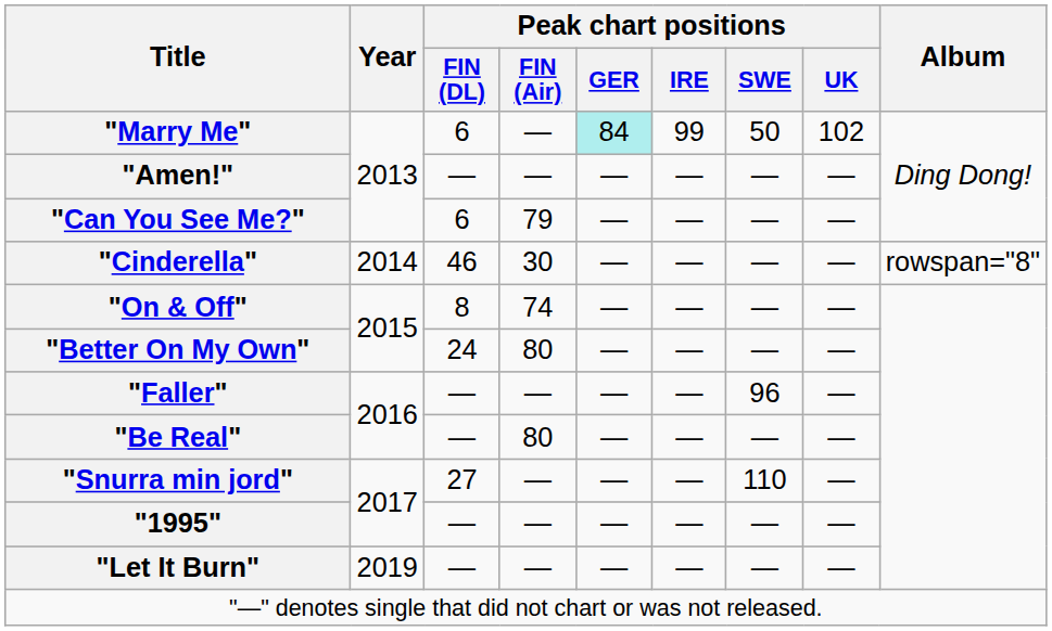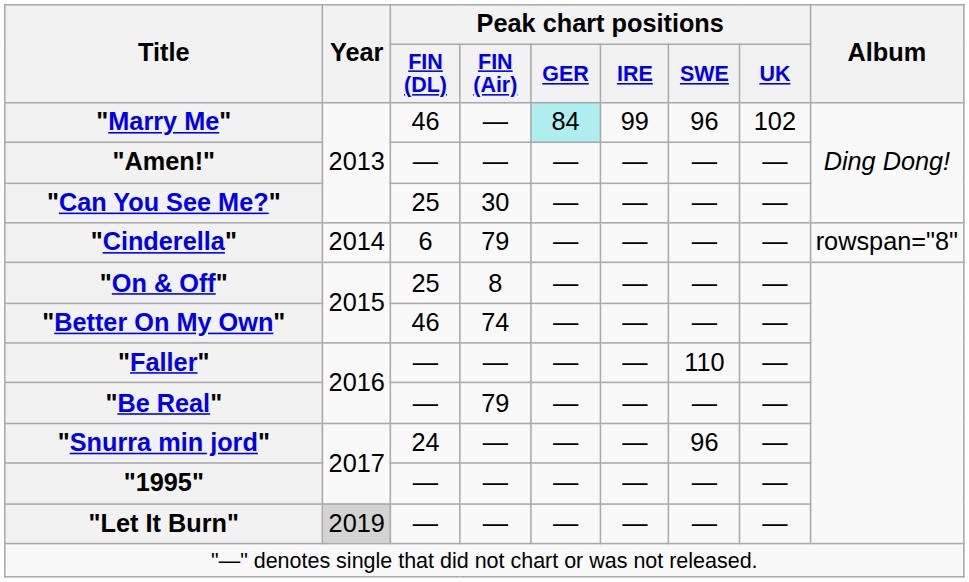 <table class="wikitable plainrowheaders" style="text-align:center;">
 <tr>
 <th scope="col" rowspan="2" style="width:14em;">Title</th>
 <th scope="col" rowspan="2" style="width:1em;">Year</th>
 <th scope="col" colspan="6">Peak chart positions</th>
 <th scope="col" rowspan="2">Album</th>
 </tr>
 <tr>
 <th scope="col" style="width:3em;font-size:85%;"><a href='#'>FIN (DL)</a><br></th>
 <th scope="col" style="width:3em;font-size:85%;"><a href='#'>FIN (Air)</a><br></th>
 <th scope="col" style="width:3em;font-size:85%;"><a href='#'>GER</a><br></th>
 <th scope="col" style="width:3em;font-size:85%;"><a href='#'>IRE</a><br></th>
 <th scope="col" style="width:3em;font-size:85%;"><a href='#'>SWE</a><br></th>
 <th scope="col" style="width:3em;font-size:85%;"><a href='#'>UK</a><br></th>
 </tr>
 <tr>
 <th scope="row">"<a href='#'>Marry Me</a>"</th>
 <td rowspan="3">2013</td>
-<td>6</td>
+<td>46</td>
 <td>—</td>
 <td style="background: paleturquoise;">84</td>
 <td>99</td>
-<td>50</td>
+<td>96</td>
 <td>102</td>
 <td rowspan="3"><em>Ding Dong!</em></td>
 </tr>
 <tr>
 <th scope="row">"Amen!"</th>
 <td>—</td>
 <td>—</td>
 <td>—</td>
 <td>—</td>
 <td>—</td>
 <td>—</td>
 </tr>
 <tr>
 <th scope="row">"<a href='#'>Can You See Me?</a>"</th>
-<td>6</td>
-<td>79</td>
+<td>25</td>
+<td>30</td>
 <td>—</td>
 <td>—</td>
 <td>—</td>
 <td>—</td>
 </tr>
 <tr>
 <th scope="row">"<a href='#'>Cinderella</a>"</th>
 <td>2014</td>
-<td>46</td>
-<td>30</td>
+<td>6</td>
+<td>79</td>
 <td>—</td>
 <td>—</td>
 <td>—</td>
 <td>—</td>
 <td>rowspan="8" </td>
 </tr>
 <tr>
 <th scope="row">"<a href='#'>On & Off</a>"</th>
 <td rowspan="2">2015</td>
+<td>25</td>
 <td>8</td>
-<td>74</td>
 <td>—</td>
 <td>—</td>
 <td>—</td>
 <td>—</td>
 </tr>
 <tr>
 <th scope="row">"<a href='#'>Better On My Own</a>"</th>
-<td>24</td>
-<td>80</td>
+<td>46</td>
+<td>74</td>
 <td>—</td>
 <td>—</td>
 <td>—</td>
 <td>—</td>
 </tr>
 <tr>
 <th scope="row">"<a href='#'>Faller</a>"</th>
 <td rowspan="2">2016</td>
 <td>—</td>
 <td>—</td>
 <td>—</td>
 <td>—</td>
-<td>96</td>
+<td>110</td>
 <td>—</td>
 </tr>
 <tr>
 <th scope="row">"<a href='#'>Be Real</a>"</th>
 <td>—</td>
-<td>80</td>
+<td>79</td>
 <td>—</td>
 <td>—</td>
 <td>—</td>
 <td>—</td>
 </tr>
 <tr>
 <th scope="row">"<a href='#'>Snurra min jord</a>"</th>
 <td rowspan="2">2017</td>
-<td>27</td>
+<td>24</td>
 <td>—</td>
 <td>—</td>
 <td>—</td>
-<td>110</td>
+<td>96</td>
 <td>—</td>
 </tr>
 <tr>
 <th scope="row">"1995"</th>
 <td>—</td>
 <td>—</td>
 <td>—</td>
 <td>—</td>
 <td>—</td>
 <td>—</td>
 </tr>
 <tr>
 <th scope="row">"Let It Burn"</th>
-<td>2019</td>
+<td style="background: lightgrey;">2019</td>
 <td>—</td>
 <td>—</td>
 <td>—</td>
 <td>—</td>
 <td>—</td>
 <td>—</td>
 </tr>
 <tr>
 <td colspan="18" style="font-size:85%">"—" denotes single that did not chart or was not released.</td>
 </tr>
 </table>
